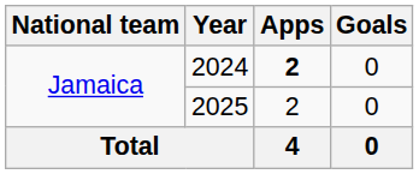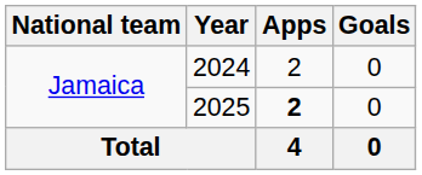 <table class=wikitable style=text-align:center>
 <tr>
 <th>National team</th>
 <th>Year</th>
 <th>Apps</th>
 <th>Goals</th>
 </tr>
 <tr>
 <td rowspan="2"><a href='#'>Jamaica</a></td>
 <td>2024</td>
-<td><strong>2</strong></td>
+<td>2</td>
 <td>0</td>
 </tr>
 <tr>
 <td>2025</td>
-<td>2</td>
+<td><strong>2</strong></td>
 <td>0</td>
 </tr>
 <tr>
 <th colspan="2">Total</th>
 <th>4</th>
 <th>0</th>
 </tr>
 </table>
